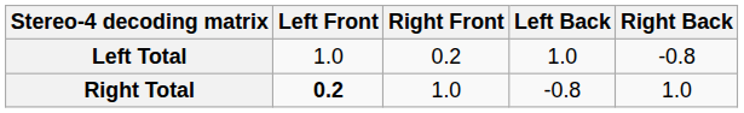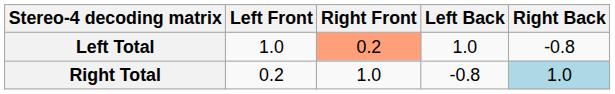 <table class="wikitable" style="text-align:center">
 <tr>
 <th>Stereo-4 decoding matrix</th>
 <th>Left Front</th>
 <th>Right Front</th>
 <th>Left Back</th>
 <th>Right Back</th>
 </tr>
 <tr>
 <th>Left Total</th>
 <td>1.0</td>
-<td>0.2</td>
+<td style="background: lightsalmon;">0.2</td>
 <td>1.0</td>
 <td>-0.8</td>
 </tr>
 <tr>
 <th>Right  Total</th>
-<td><strong>0.2</strong></td>
+<td>0.2</td>
 <td>1.0</td>
 <td>-0.8</td>
-<td>1.0</td>
+<td style="background: lightblue;">1.0</td>
 </tr>
 </table>
